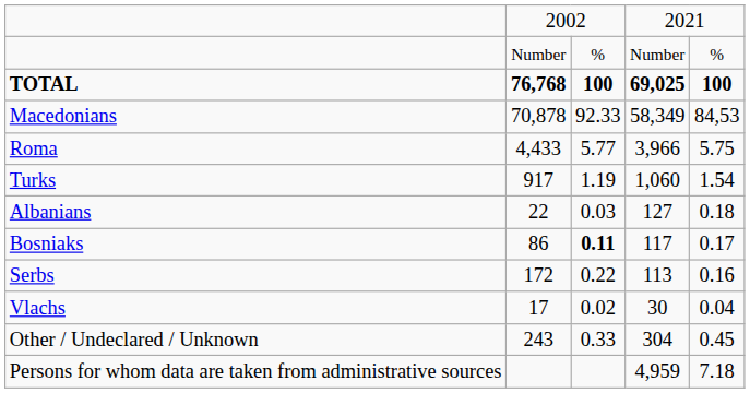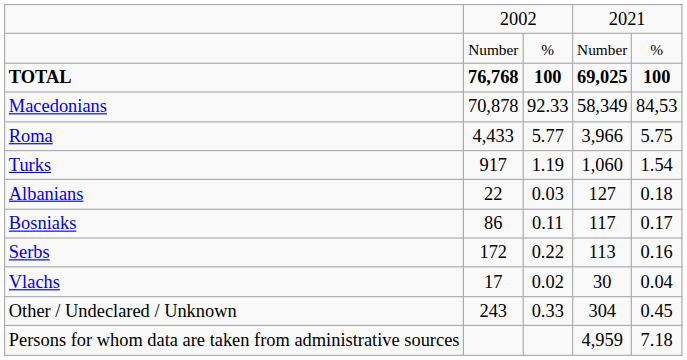 <table class="wikitable">
 <tr>
 <td></td>
 <td colspan="2" align="center">2002</td>
 <td colspan="2" align="center">2021</td>
 </tr>
 <tr>
 <td></td>
 <td align="center"><small>Number</small></td>
 <td align="center"><small>%</small></td>
 <td align="center"><small>Number</small></td>
 <td align="center"><small>%</small></td>
 </tr>
 <tr>
 <td><strong>TOTAL</strong></td>
 <td align="center"><strong>76,768</strong></td>
 <td align="center"><strong>100</strong></td>
 <td align="center"><strong>69,025</strong></td>
 <td align="center"><strong>100</strong></td>
 </tr>
 <tr>
 <td><a href='#'>Macedonians</a></td>
 <td align="center">70,878</td>
 <td align="center">92.33</td>
 <td align="center">58,349</td>
 <td align="center">84,53</td>
 </tr>
 <tr>
 <td><a href='#'>Roma</a></td>
 <td align="center">4,433</td>
 <td align="center">5.77</td>
 <td align="center">3,966</td>
 <td align="center">5.75</td>
 </tr>
 <tr>
 <td><a href='#'>Turks</a></td>
 <td align="center">917</td>
 <td align="center">1.19</td>
 <td align="center">1,060</td>
 <td align="center">1.54</td>
 </tr>
 <tr>
 <td><a href='#'>Albanians</a></td>
 <td align="center">22</td>
 <td align="center">0.03</td>
 <td align="center">127</td>
 <td align="center">0.18</td>
 </tr>
 <tr>
 <td><a href='#'>Bosniaks</a></td>
 <td align="center">86</td>
-<td align="center"><strong>0.11</strong></td>
+<td align="center">0.11</td>
 <td align="center">117</td>
 <td align="center">0.17</td>
 </tr>
 <tr>
 <td><a href='#'>Serbs</a></td>
 <td align="center">172</td>
 <td align="center">0.22</td>
 <td align="center">113</td>
 <td align="center">0.16</td>
 </tr>
 <tr>
 <td><a href='#'>Vlachs</a></td>
 <td align="center">17</td>
 <td align="center">0.02</td>
 <td align="center">30</td>
 <td align="center">0.04</td>
 </tr>
 <tr>
 <td>Other / Undeclared / Unknown</td>
 <td align="center">243</td>
 <td align="center">0.33</td>
 <td align="center">304</td>
 <td align="center">0.45</td>
 </tr>
 <tr>
 <td>Persons for whom data are taken from administrative sources</td>
 <td align="center"></td>
 <td align="center"></td>
 <td align="center">4,959</td>
 <td align="center">7.18</td>
 </tr>
 </table>
